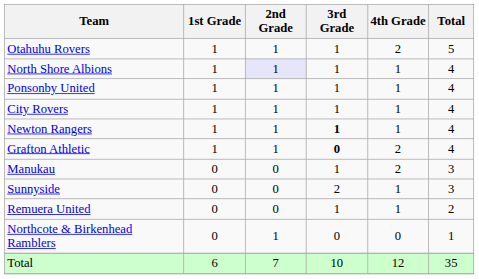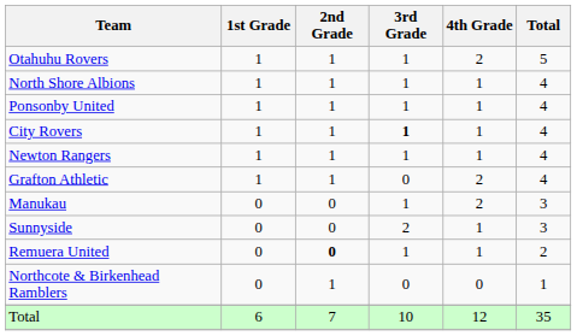 <table class="wikitable" style="text-align:center;">
 <tr>
 <th width=220>Team</th>
 <th width=70 abbr="1st Grade">1st Grade</th>
 <th width=70 abbr="2nd Grade">2nd Grade</th>
 <th width=70 abbr="3rd Grade">3rd Grade</th>
 <th width=70 abbr="4th Grade">4th Grade</th>
 <th width=50 abbr="Total">Total</th>
 </tr>
 <tr>
 <td style="text-align:left;"><a href='#'>Otahuhu Rovers</a></td>
 <td>1</td>
 <td>1</td>
 <td>1</td>
 <td>2</td>
 <td>5</td>
 </tr>
 <tr>
 <td style="text-align:left;"><a href='#'>North Shore Albions</a></td>
 <td>1</td>
-<td style="background: lavender;">1</td>
+<td>1</td>
 <td>1</td>
 <td>1</td>
 <td>4</td>
 </tr>
 <tr>
 <td style="text-align:left;"><a href='#'>Ponsonby United</a></td>
 <td>1</td>
 <td>1</td>
 <td>1</td>
 <td>1</td>
 <td>4</td>
 </tr>
 <tr>
 <td style="text-align:left;"><a href='#'>City Rovers</a></td>
 <td>1</td>
 <td>1</td>
-<td>1</td>
+<td><strong>1</strong></td>
 <td>1</td>
 <td>4</td>
 </tr>
 <tr>
 <td style="text-align:left;"><a href='#'>Newton Rangers</a></td>
 <td>1</td>
 <td>1</td>
-<td><strong>1</strong></td>
+<td>1</td>
 <td>1</td>
 <td>4</td>
 </tr>
 <tr>
 <td style="text-align:left;"><a href='#'>Grafton Athletic</a></td>
 <td>1</td>
 <td>1</td>
-<td><strong>0</strong></td>
+<td>0</td>
 <td>2</td>
 <td>4</td>
 </tr>
 <tr>
 <td style="text-align:left;"><a href='#'>Manukau</a></td>
 <td>0</td>
 <td>0</td>
 <td>1</td>
 <td>2</td>
 <td>3</td>
 </tr>
 <tr>
 <td style="text-align:left;"><a href='#'>Sunnyside</a></td>
 <td>0</td>
 <td>0</td>
 <td>2</td>
 <td>1</td>
 <td>3</td>
 </tr>
 <tr>
 <td style="text-align:left;"><a href='#'>Remuera United</a></td>
 <td>0</td>
-<td>0</td>
+<td><strong>0</strong></td>
 <td>1</td>
 <td>1</td>
 <td>2</td>
 </tr>
 <tr>
 <td style="text-align:left;"><a href='#'>Northcote & Birkenhead Ramblers</a></td>
 <td>0</td>
 <td>1</td>
 <td>0</td>
 <td>0</td>
 <td>1</td>
 </tr>
 <tr>
 </tr>
 <tr style="background: #ccffcc;">
 <td style="text-align:left;">Total</td>
 <td>6</td>
 <td>7</td>
 <td>10</td>
 <td>12</td>
 <td>35</td>
 </tr>
 <tr>
 </tr>
 </table>
